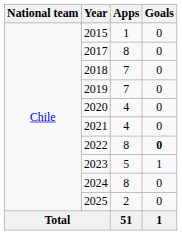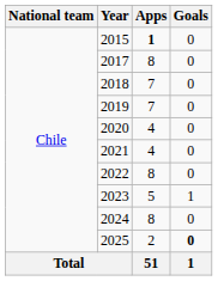 <table class=wikitable style=text-align:center>
 <tr>
 <th>National team</th>
 <th>Year</th>
 <th>Apps</th>
 <th>Goals</th>
 </tr>
 <tr>
 <td rowspan="10"><a href='#'>Chile</a></td>
 <td>2015</td>
-<td>1</td>
+<td><strong>1</strong></td>
 <td>0</td>
 </tr>
 <tr>
 <td>2017</td>
 <td>8</td>
 <td>0</td>
 </tr>
 <tr>
 <td>2018</td>
 <td>7</td>
 <td>0</td>
 </tr>
 <tr>
 <td>2019</td>
 <td>7</td>
 <td>0</td>
 </tr>
 <tr>
 <td>2020</td>
 <td>4</td>
 <td>0</td>
 </tr>
 <tr>
 <td>2021</td>
 <td>4</td>
 <td>0</td>
 </tr>
 <tr>
 <td>2022</td>
 <td>8</td>
-<td><strong>0</strong></td>
+<td>0</td>
 </tr>
 <tr>
 <td>2023</td>
 <td>5</td>
 <td>1</td>
 </tr>
 <tr>
 <td>2024</td>
 <td>8</td>
 <td>0</td>
 </tr>
 <tr>
 <td>2025</td>
 <td>2</td>
-<td>0</td>
+<td><strong>0</strong></td>
 </tr>
 <tr>
 <th colspan="2">Total</th>
 <th>51</th>
 <th>1</th>
 </tr>
 </table>
